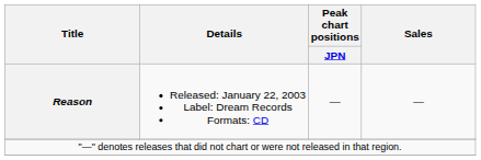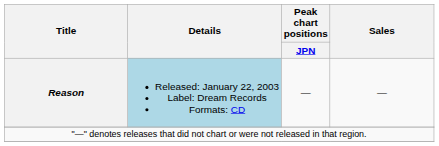 <table class="wikitable plainrowheaders" style="text-align:center;">
 <tr>
 <th rowspan="2" style="width:12em;">Title</th>
 <th rowspan="2">Details</th>
 <th colspan="1">Peak chart positions</th>
 <th rowspan="2" style="width:10em;">Sales</th>
 </tr>
 <tr>
 <th width="30"><a href='#'>JPN</a></th>
 </tr>
 <tr>
 <th scope="row"><em>Reason</em></th>
-<td><br><ul><li>Released: January 22, 2003</li><li>Label: Dream Records</li><li>Formats: <a href='#'>CD</a></li></ul></td>
+<td style="background: lightblue;"><br><ul><li>Released: January 22, 2003</li><li>Label: Dream Records</li><li>Formats: <a href='#'>CD</a></li></ul></td>
 <td>—</td>
 <td>—</td>
 </tr>
 <tr>
 </tr>
 <tr>
 <td colspan="4" style="font-size:90%;">"—" denotes releases that did not chart or were not released in that region.</td>
 </tr>
 <tr>
 </tr>
 </table>
